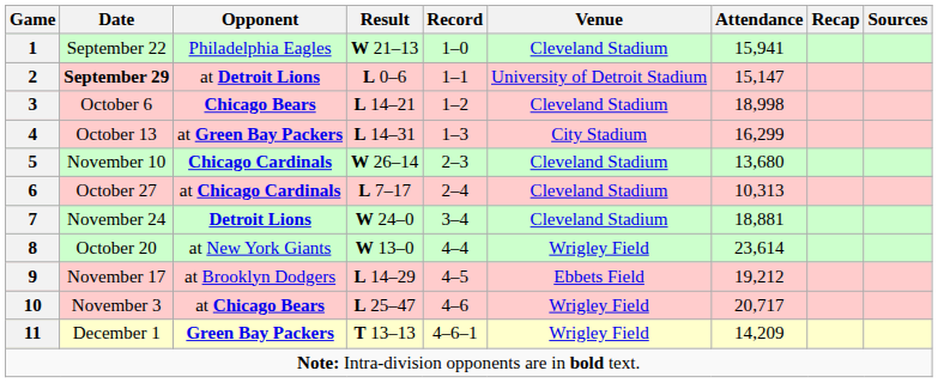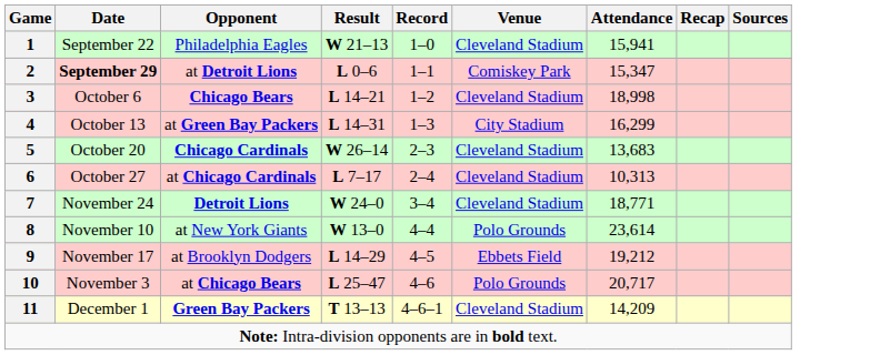 <table class="wikitable" style="text-align:center">
 <tr>
 <th>Game</th>
 <th>Date</th>
 <th>Opponent</th>
 <th>Result</th>
 <th>Record</th>
 <th>Venue</th>
 <th>Attendance</th>
 <th>Recap</th>
 <th>Sources</th>
 </tr>
 <tr style="background:#cfc">
 <th>1</th>
 <td>September 22</td>
 <td><a href='#'>Philadelphia Eagles</a></td>
 <td><strong>W</strong> 21–13</td>
 <td>1–0</td>
 <td><a href='#'>Cleveland Stadium</a></td>
 <td>15,941</td>
 <td></td>
 <td></td>
 </tr>
 <tr style="background:#fcc">
 <th>2</th>
 <td><strong>September 29</strong></td>
 <td>at <strong><a href='#'>Detroit Lions</a></strong></td>
 <td><strong>L</strong> 0–6</td>
 <td>1–1</td>
-<td><a href='#'>University of Detroit Stadium</a></td>
-<td>15,147</td>
+<td><a href='#'>Comiskey Park</a></td>
+<td>15,347</td>
 <td></td>
 <td></td>
 </tr>
 <tr style="background:#fcc">
 <th>3</th>
 <td>October 6</td>
 <td><strong><a href='#'>Chicago Bears</a></strong></td>
 <td><strong>L</strong> 14–21</td>
 <td>1–2</td>
 <td><a href='#'>Cleveland Stadium</a></td>
 <td>18,998</td>
 <td></td>
 <td></td>
 </tr>
 <tr style="background:#fcc">
 <th>4</th>
 <td>October 13</td>
 <td>at <strong><a href='#'>Green Bay Packers</a></strong></td>
 <td><strong>L</strong> 14–31</td>
 <td>1–3</td>
 <td><a href='#'>City Stadium</a></td>
 <td>16,299</td>
 <td></td>
 <td></td>
 </tr>
 <tr style="background:#cfc">
 <th>5</th>
-<td>November 10</td>
+<td>October 20</td>
 <td><strong><a href='#'>Chicago Cardinals</a></strong></td>
 <td><strong>W</strong> 26–14</td>
 <td>2–3</td>
 <td><a href='#'>Cleveland Stadium</a></td>
-<td>13,680</td>
+<td>13,683</td>
 <td></td>
 <td></td>
 </tr>
 <tr style="background:#fcc">
 <th>6</th>
 <td>October 27</td>
 <td>at <strong><a href='#'>Chicago Cardinals</a></strong></td>
 <td><strong>L</strong> 7–17</td>
 <td>2–4</td>
 <td><a href='#'>Cleveland Stadium</a></td>
 <td>10,313</td>
 <td></td>
 <td></td>
 </tr>
 <tr style="background:#cfc">
 <th>7</th>
 <td>November 24</td>
 <td><strong><a href='#'>Detroit Lions</a></strong></td>
 <td><strong>W</strong> 24–0</td>
 <td>3–4</td>
 <td><a href='#'>Cleveland Stadium</a></td>
-<td>18,881</td>
+<td>18,771</td>
 <td></td>
 <td></td>
 </tr>
 <tr style="background:#cfc">
 <th>8</th>
-<td>October 20</td>
+<td>November 10</td>
 <td>at <a href='#'>New York Giants</a></td>
 <td><strong>W</strong> 13–0</td>
 <td>4–4</td>
-<td><a href='#'>Wrigley Field</a></td>
+<td><a href='#'>Polo Grounds</a></td>
 <td>23,614</td>
 <td></td>
 <td></td>
 </tr>
 <tr style="background:#fcc">
 <th>9</th>
 <td>November 17</td>
 <td>at <a href='#'>Brooklyn Dodgers</a></td>
 <td><strong>L</strong> 14–29</td>
 <td>4–5</td>
 <td><a href='#'>Ebbets Field</a></td>
 <td>19,212</td>
 <td></td>
 <td></td>
 </tr>
 <tr style="background:#fcc">
 <th>10</th>
 <td>November 3</td>
 <td>at <strong><a href='#'>Chicago Bears</a></strong></td>
 <td><strong>L</strong> 25–47</td>
 <td>4–6</td>
-<td><a href='#'>Wrigley Field</a></td>
+<td><a href='#'>Polo Grounds</a></td>
 <td>20,717</td>
 <td></td>
 <td></td>
 </tr>
 <tr style="background:#ffc">
 <th>11</th>
 <td>December 1</td>
 <td><strong><a href='#'>Green Bay Packers</a></strong></td>
 <td><strong>T</strong> 13–13</td>
 <td>4–6–1</td>
-<td><a href='#'>Wrigley Field</a></td>
+<td><a href='#'>Cleveland Stadium</a></td>
 <td>14,209</td>
 <td></td>
 <td></td>
 </tr>
 <tr>
 <td colspan="10"><strong>Note:</strong> Intra-division opponents are in <strong>bold</strong> text.</td>
 </tr>
 </table>
